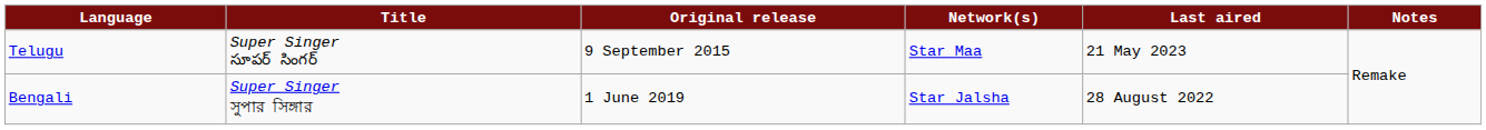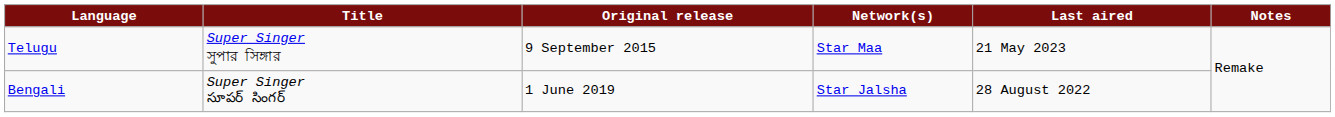 <table class="wikitable" style="width: 100%; margin-right: 0;">
 <tr style="color:white">
 <th style="background:#7b0c0c; width:15%;">Language</th>
 <th style="background:#7b0c0c; width:24%;">Title</th>
 <th style="background:#7b0c0c; width:22%;">Original release</th>
 <th style="background:#7b0c0c; width:12%;">Network(s)</th>
 <th style="background:#7b0c0c; width:18%;">Last aired</th>
 <th style="background:#7b0c0c; width:27%;">Notes</th>
 </tr>
 <tr>
 <td><a href='#'>Telugu</a></td>
-<td><em>Super Singer</em> <br> సూపర్ సింగర్</td>
+<td><em><a href='#'>Super Singer</a></em> <br> সুপার সিঙ্গার</td>
 <td>9 September 2015</td>
 <td><a href='#'>Star Maa</a></td>
 <td>21 May 2023</td>
 <td rowspan="2">Remake</td>
 </tr>
 <tr>
 <td><a href='#'>Bengali</a></td>
-<td><em><a href='#'>Super Singer</a></em> <br> সুপার সিঙ্গার</td>
+<td><em>Super Singer</em> <br> సూపర్ సింగర్</td>
 <td>1 June 2019</td>
 <td><a href='#'>Star Jalsha</a></td>
 <td>28 August 2022</td>
 </tr>
 </table>
